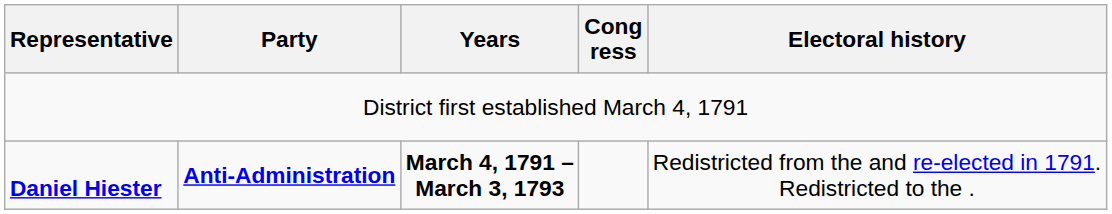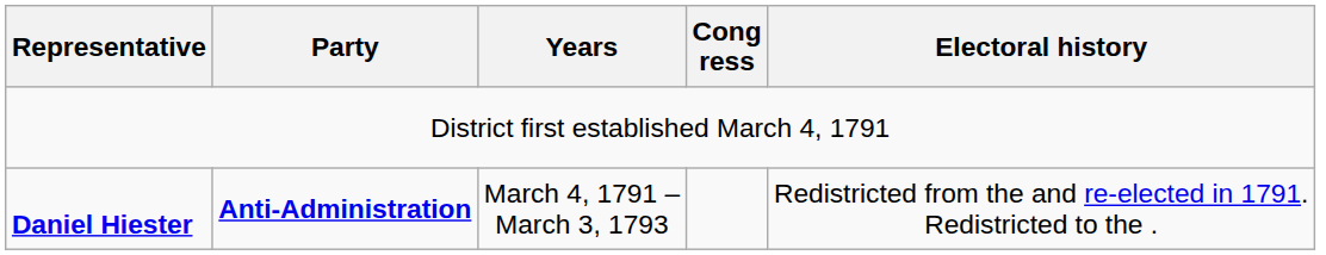 <table class=wikitable style="text-align:center">
 <tr style="height:3em">
 <th>Representative</th>
 <th>Party</th>
 <th>Years</th>
 <th>Cong<br>ress</th>
 <th>Electoral history</th>
 </tr>
 <tr style="height:3em">
 <td colspan=6>District first established March 4, 1791</td>
 </tr>
 <tr style="height:3em">
 <td align=left><br> <strong><a href='#'>Daniel Hiester</a></strong><br></td>
 <td><strong><a href='#'>Anti-Administration</a></strong></td>
-<td nowrap><strong>March 4, 1791 –<br>March 3, 1793</strong></td>
+<td nowrap>March 4, 1791 –<br>March 3, 1793</td>
 <td></td>
 <td>Redistricted from the  and <a href='#'>re-elected in 1791</a>.<br>Redistricted to the .</td>
 </tr>
 </table>
